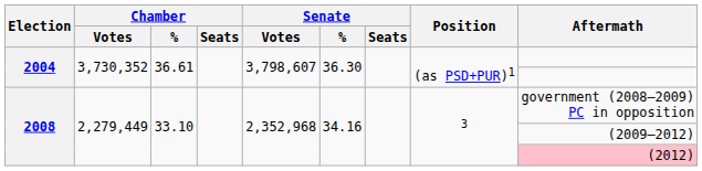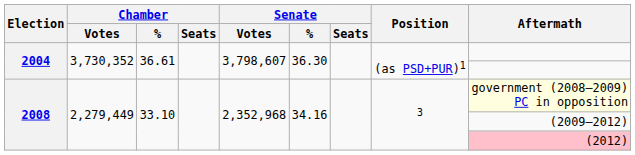 <table class="wikitable" style="text-align: right;">
 <tr>
 <th rowspan="2">Election</th>
 <th colspan="3"><a href='#'>Chamber</a></th>
 <th colspan="3"><a href='#'>Senate</a></th>
 <th rowspan="2">Position</th>
 <th rowspan="2">Aftermath</th>
 </tr>
 <tr>
 <th>Votes</th>
 <th>%</th>
 <th>Seats</th>
 <th>Votes</th>
 <th>%</th>
 <th>Seats</th>
 </tr>
 <tr>
 <th rowspan=2><a href='#'>2004</a></th>
 <td rowspan=2>3,730,352</td>
 <td rowspan=2>36.61</td>
 <td rowspan=2></td>
 <td rowspan=2>3,798,607</td>
 <td rowspan=2>36.30</td>
 <td rowspan=2></td>
 <td rowspan=2; style="text-align: center;"><br>(as <a href='#'>PSD+PUR</a>)<sup>1</sup></td>
 <td></td>
 </tr>
 <tr>
 <td></td>
 </tr>
 <tr>
 <th rowspan=3><a href='#'>2008</a></th>
 <td rowspan=3>2,279,449</td>
 <td rowspan=3>33.10</td>
 <td rowspan=3></td>
 <td rowspan=3>2,352,968</td>
 <td rowspan=3>34.16</td>
 <td rowspan=3></td>
 <td rowspan=3; style="text-align: center;"><sup>3</sup></td>
-<td> government (2008–2009)<br><a href='#'>PC</a> in opposition</td>
+<td style="background: lightyellow;"> government (2008–2009)<br><a href='#'>PC</a> in opposition</td>
 </tr>
 <tr>
 <td> (2009–2012)</td>
 </tr>
 <tr>
 <td style="background: pink;"> (2012)</td>
 </tr>
 </table>
